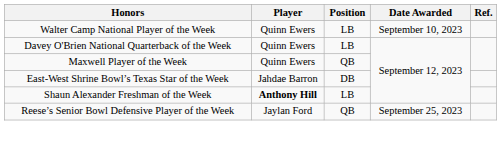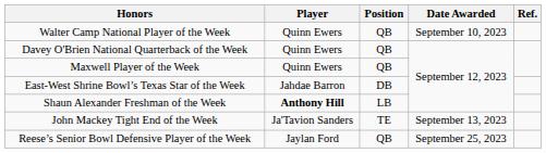 <table class="wikitable" style="width: 60%;text-align: center;">
 <tr>
 <th>Honors</th>
 <th>Player</th>
 <th>Position</th>
 <th>Date Awarded</th>
 <th>Ref.</th>
 </tr>
 <tr align="center">
 <td rowspan="1">Walter Camp National Player of the Week</td>
 <td>Quinn Ewers</td>
-<td>LB</td>
+<td>QB</td>
 <td>September 10, 2023</td>
 <td></td>
 </tr>
 <tr align="center">
 <td rowspan="1">Davey O'Brien National Quarterback of the Week</td>
 <td>Quinn Ewers</td>
-<td>LB</td>
+<td>QB</td>
 <td rowspan="4">September 12, 2023</td>
 <td rowspan="2"></td>
 </tr>
 <tr align="center">
 <td rowspan="1">Maxwell Player of the Week</td>
 <td>Quinn Ewers</td>
 <td>QB</td>
 </tr>
 <tr align="center">
 <td rowspan="1">East-West Shrine Bowl’s Texas Star of the Week</td>
 <td>Jahdae Barron</td>
 <td>DB</td>
 <td></td>
 </tr>
 <tr align="center">
 <td rowspan="1">Shaun Alexander Freshman of the Week</td>
 <td><strong>Anthony Hill</strong></td>
 <td>LB</td>
 <td></td>
 </tr>
 <tr align="center">
+<td rowspan="1">John Mackey Tight End of the Week</td>
+<td>Ja'Tavion Sanders</td>
+<td>TE</td>
+<td>September 13, 2023</td>
+<td></td>
+</tr>
+<tr align="center">
 <td rowspan="1">Reese’s Senior Bowl Defensive Player of the Week</td>
 <td>Jaylan Ford</td>
 <td>QB</td>
 <td>September 25, 2023</td>
 <td></td>
 </tr>
 </table>
